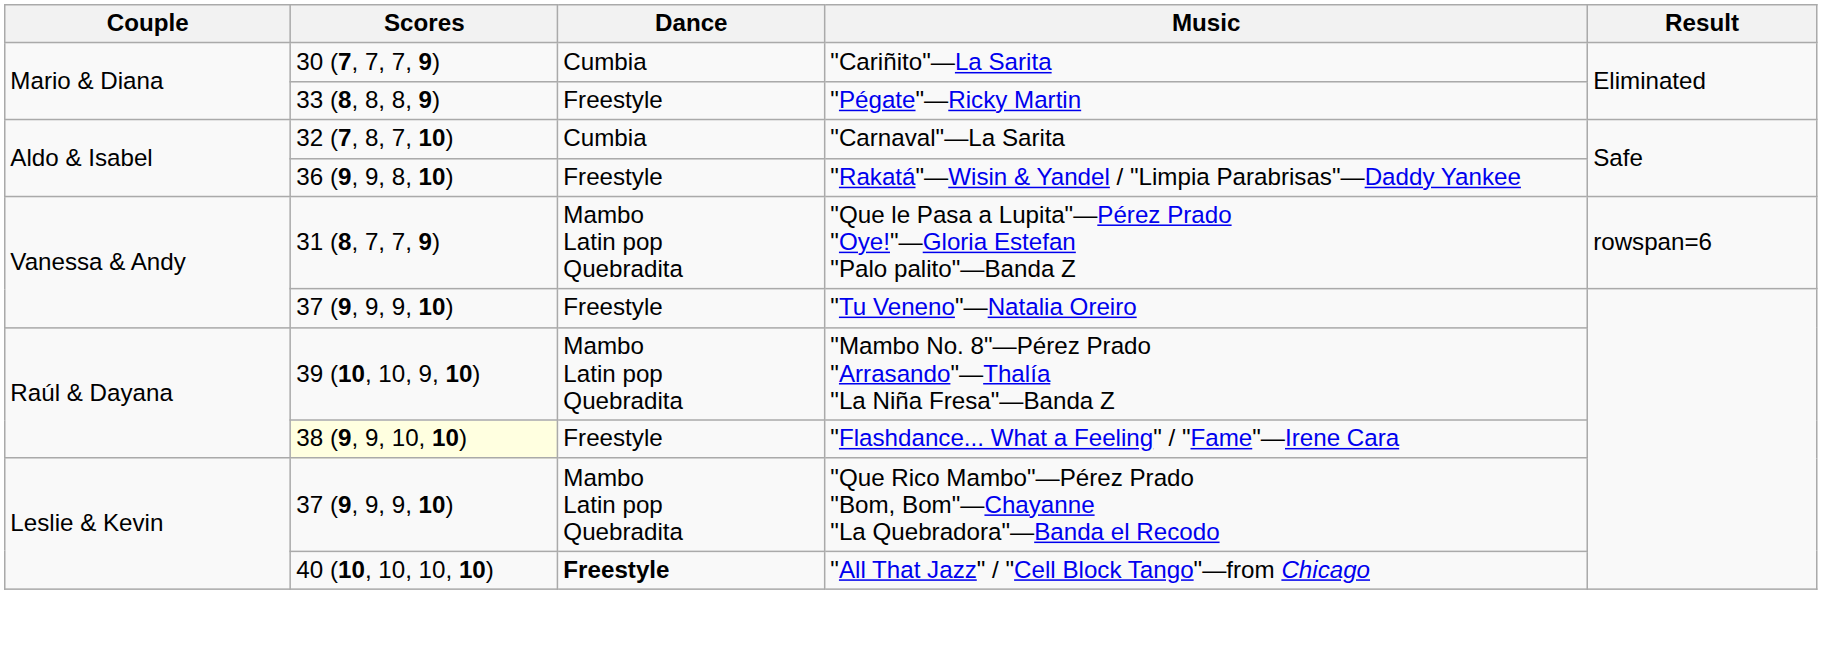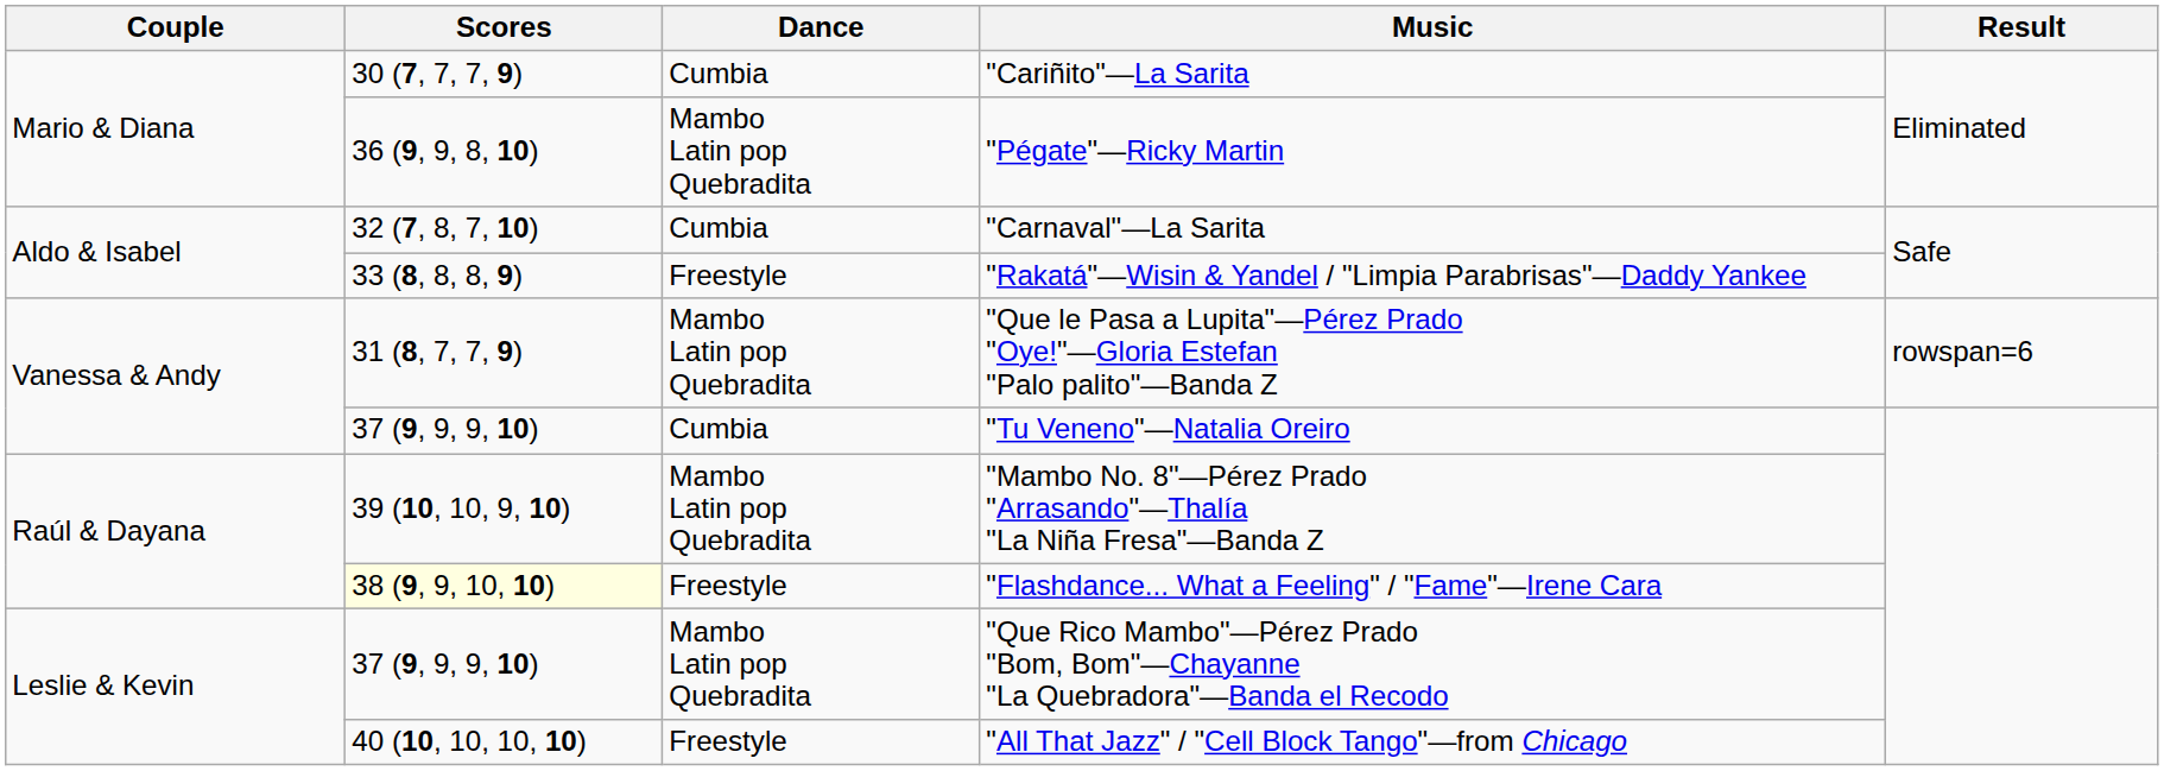 <table class="wikitable sortable" style="width:95%; white-space:nowrap;">
 <tr>
 <th style="width:15%;">Couple</th>
 <th style="width:14%;">Scores</th>
 <th style="width:14%;">Dance</th>
 <th style="width:40%;">Music</th>
 <th style="width:12%;">Result</th>
 </tr>
 <tr>
 <td rowspan=2>Mario & Diana</td>
 <td>30 (<strong>7</strong>, 7, 7, <strong>9</strong>)</td>
 <td>Cumbia</td>
 <td>"Cariñito"—<a href='#'>La Sarita</a></td>
 <td rowspan=2>Eliminated</td>
 </tr>
 <tr>
-<td>33 (<strong>8</strong>, 8, 8, <strong>9</strong>)</td>
-<td>Freestyle</td>
+<td>36 (<strong>9</strong>, 9, 8, <strong>10</strong>)</td>
+<td>Mambo<br>Latin pop<br>Quebradita</td>
 <td>"<a href='#'>Pégate</a>"—<a href='#'>Ricky Martin</a></td>
 </tr>
 <tr>
 <td rowspan=2>Aldo & Isabel</td>
 <td>32 (<strong>7</strong>, 8, 7, <strong>10</strong>)</td>
 <td>Cumbia</td>
 <td>"Carnaval"—La Sarita</td>
 <td rowspan=2>Safe</td>
 </tr>
 <tr>
-<td>36 (<strong>9</strong>, 9, 8, <strong>10</strong>)</td>
+<td>33 (<strong>8</strong>, 8, 8, <strong>9</strong>)</td>
 <td>Freestyle</td>
 <td>"<a href='#'>Rakatá</a>"—<a href='#'>Wisin & Yandel</a> / "Limpia Parabrisas"—<a href='#'>Daddy Yankee</a></td>
 </tr>
 <tr>
 <td rowspan=2>Vanessa & Andy</td>
 <td>31 (<strong>8</strong>, 7, 7, <strong>9</strong>)</td>
 <td>Mambo<br>Latin pop<br>Quebradita</td>
 <td>"Que le Pasa a Lupita"—<a href='#'>Pérez Prado</a><br>"<a href='#'>Oye!</a>"—<a href='#'>Gloria Estefan</a><br>"Palo palito"—Banda Z</td>
 <td>rowspan=6 </td>
 </tr>
 <tr>
 <td>37 (<strong>9</strong>, 9, 9, <strong>10</strong>)</td>
-<td>Freestyle</td>
+<td>Cumbia</td>
 <td>"<a href='#'>Tu Veneno</a>"—<a href='#'>Natalia Oreiro</a></td>
 </tr>
 <tr>
 <td rowspan=2>Raúl & Dayana</td>
 <td>39 (<strong>10</strong>, 10, 9, <strong>10</strong>)</td>
 <td>Mambo<br>Latin pop<br>Quebradita</td>
 <td>"Mambo No. 8"—Pérez Prado<br>"<a href='#'>Arrasando</a>"—<a href='#'>Thalía</a><br>"La Niña Fresa"—Banda Z</td>
 </tr>
 <tr>
 <td style="background: lightyellow;">38 (<strong>9</strong>, 9, 10, <strong>10</strong>)</td>
 <td>Freestyle</td>
 <td>"<a href='#'>Flashdance... What a Feeling</a>" / "<a href='#'>Fame</a>"—<a href='#'>Irene Cara</a></td>
 </tr>
 <tr>
 <td rowspan=2>Leslie & Kevin</td>
 <td>37 (<strong>9</strong>, 9, 9, <strong>10</strong>)</td>
 <td>Mambo<br>Latin pop<br>Quebradita</td>
 <td>"Que Rico Mambo"—Pérez Prado<br>"Bom, Bom"—<a href='#'>Chayanne</a><br>"La Quebradora"—<a href='#'>Banda el Recodo</a></td>
 </tr>
 <tr>
 <td>40 (<strong>10</strong>, 10, 10, <strong>10</strong>)</td>
-<td><strong>Freestyle</strong></td>
+<td>Freestyle</td>
 <td>"<a href='#'>All That Jazz</a>" / "<a href='#'>Cell Block Tango</a>"—from <em><a href='#'>Chicago</a></em></td>
 </tr>
 </table>
